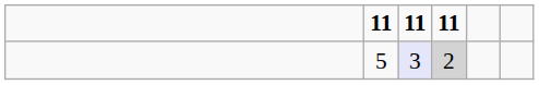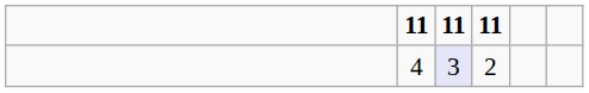 <table class="wikitable">
 <tr>
 <td style="width:15em"></td>
 <td align=center style="width:1em"><strong>11</strong></td>
 <td align=center style="width:1em"><strong>11</strong></td>
 <td align=center style="width:1em"><strong>11</strong></td>
 <td align=center style="width:1em"></td>
 <td align=center style="width:1em"></td>
 </tr>
 <tr>
 <td style="width:15em"></td>
-<td align=center style="width:1em">5</td>
+<td align=center style="width:1em">4</td>
 <td align=center style="background: lavender; width:1em">3</td>
-<td align=center style="background: lightgrey; width:1em">2</td>
+<td align=center style="width:1em">2</td>
 <td align=center style="width:1em"></td>
 <td align=center style="width:1em"></td>
 </tr>
 </table>
